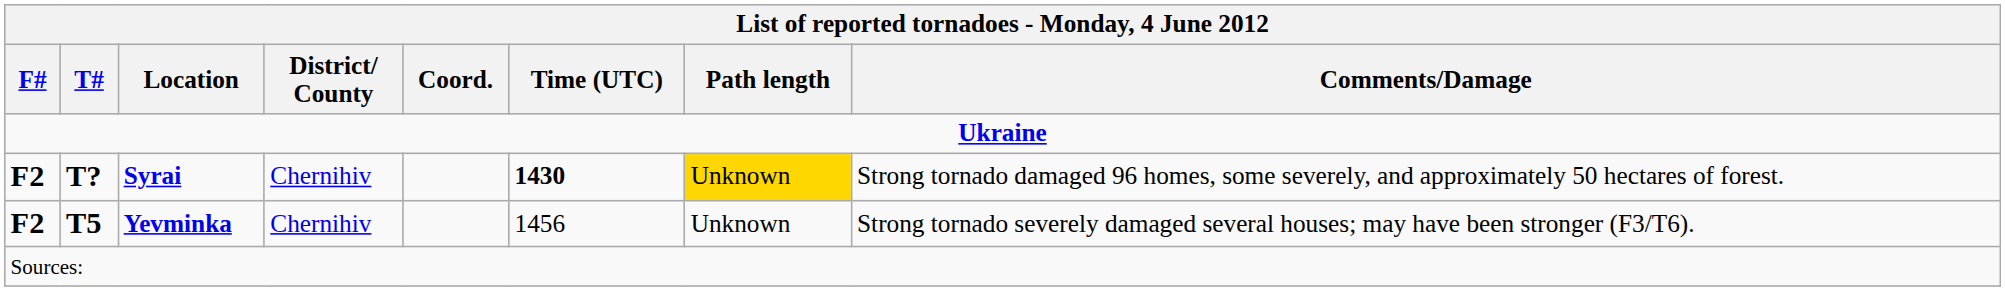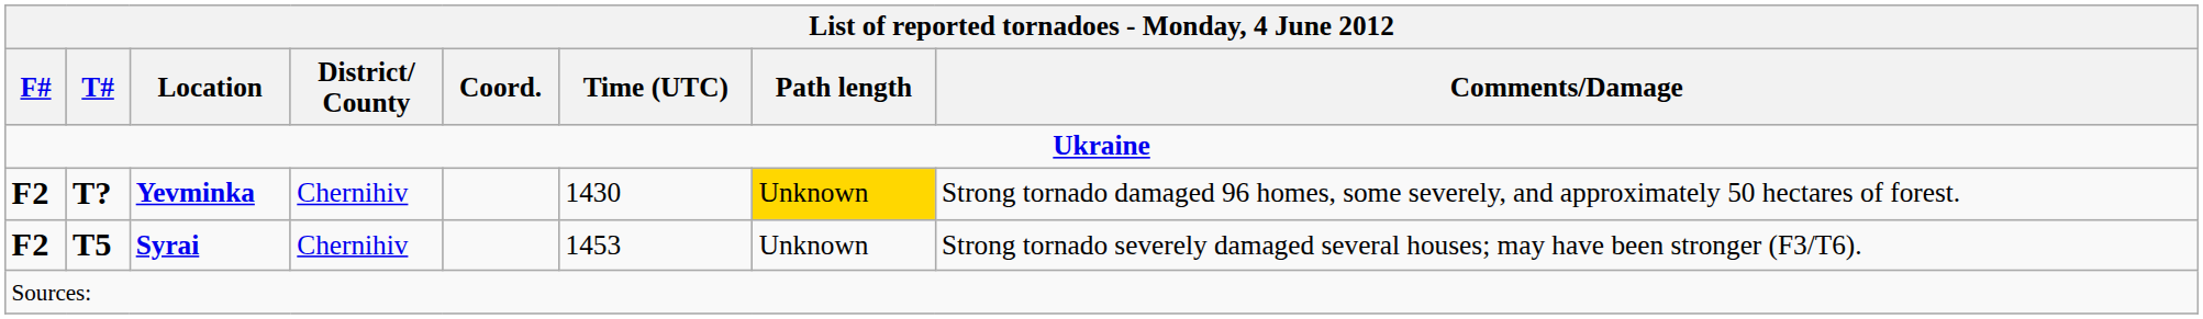 <table class="wikitable collapsible" width="100%">
 <tr>
 <th colspan="8">List of reported tornadoes - Monday, 4 June 2012</th>
 </tr>
 <tr>
 <th><a href='#'>F#</a></th>
 <th><a href='#'>T#</a></th>
 <th>Location</th>
 <th>District/<br>County</th>
 <th>Coord.</th>
 <th>Time (UTC)</th>
 <th>Path length</th>
 <th>Comments/Damage</th>
 </tr>
 <tr>
 <td colspan="8" align=center><strong><a href='#'>Ukraine</a></strong></td>
 </tr>
 <tr>
 <td><big><strong>F2</strong></big></td>
 <td><big><strong>T?</strong></big></td>
-<td><strong><a href='#'>Syrai</a></strong></td>
+<td><strong><a href='#'>Yevminka</a></strong></td>
 <td><a href='#'>Chernihiv</a></td>
 <td></td>
-<td><strong>1430</strong></td>
+<td>1430</td>
 <td style="background: gold;">Unknown</td>
 <td>Strong tornado damaged 96 homes, some severely, and approximately 50 hectares of forest.</td>
 </tr>
 <tr>
 <td><big><strong>F2</strong></big></td>
 <td><big><strong>T5</strong></big></td>
-<td><strong><a href='#'>Yevminka</a></strong></td>
+<td><strong><a href='#'>Syrai</a></strong></td>
 <td><a href='#'>Chernihiv</a></td>
 <td></td>
-<td>1456</td>
+<td>1453</td>
 <td>Unknown</td>
 <td>Strong tornado severely damaged several houses; may have been stronger (F3/T6).</td>
 </tr>
 <tr>
 <td colspan="8"><small>Sources:  </small></td>
 </tr>
 </table>
